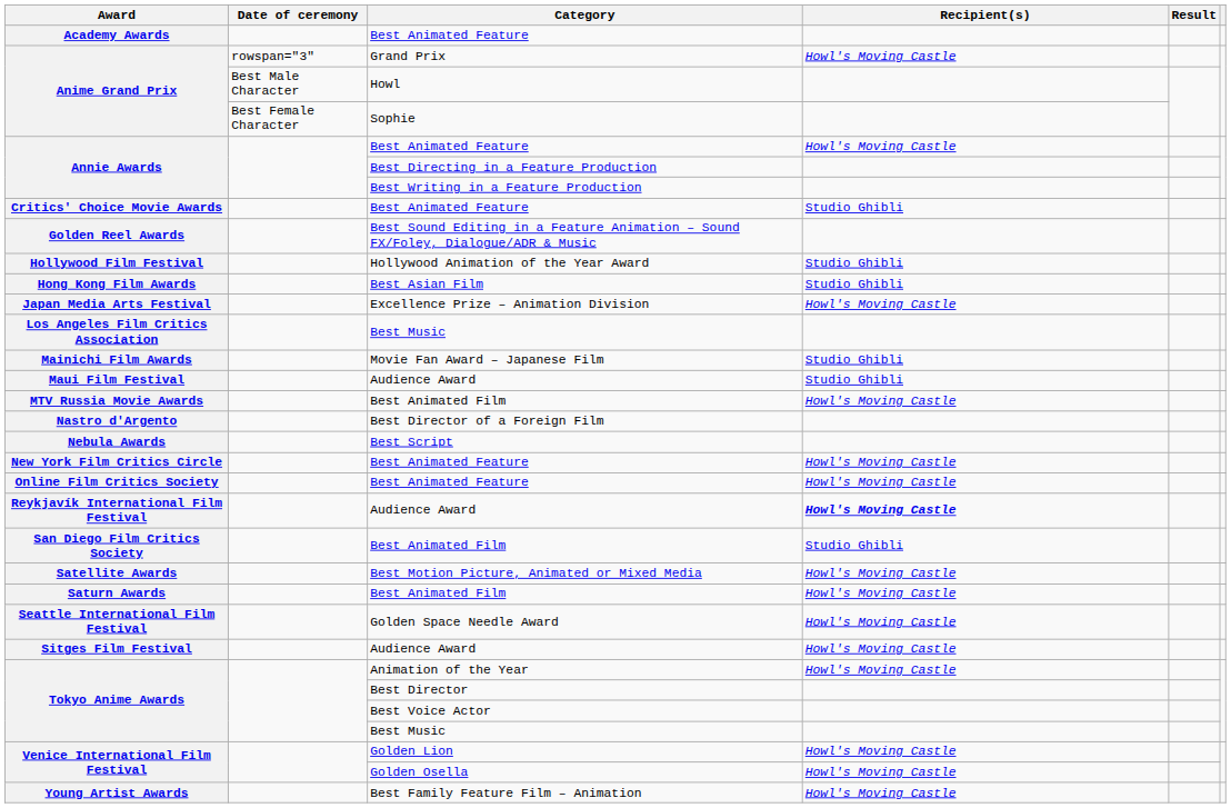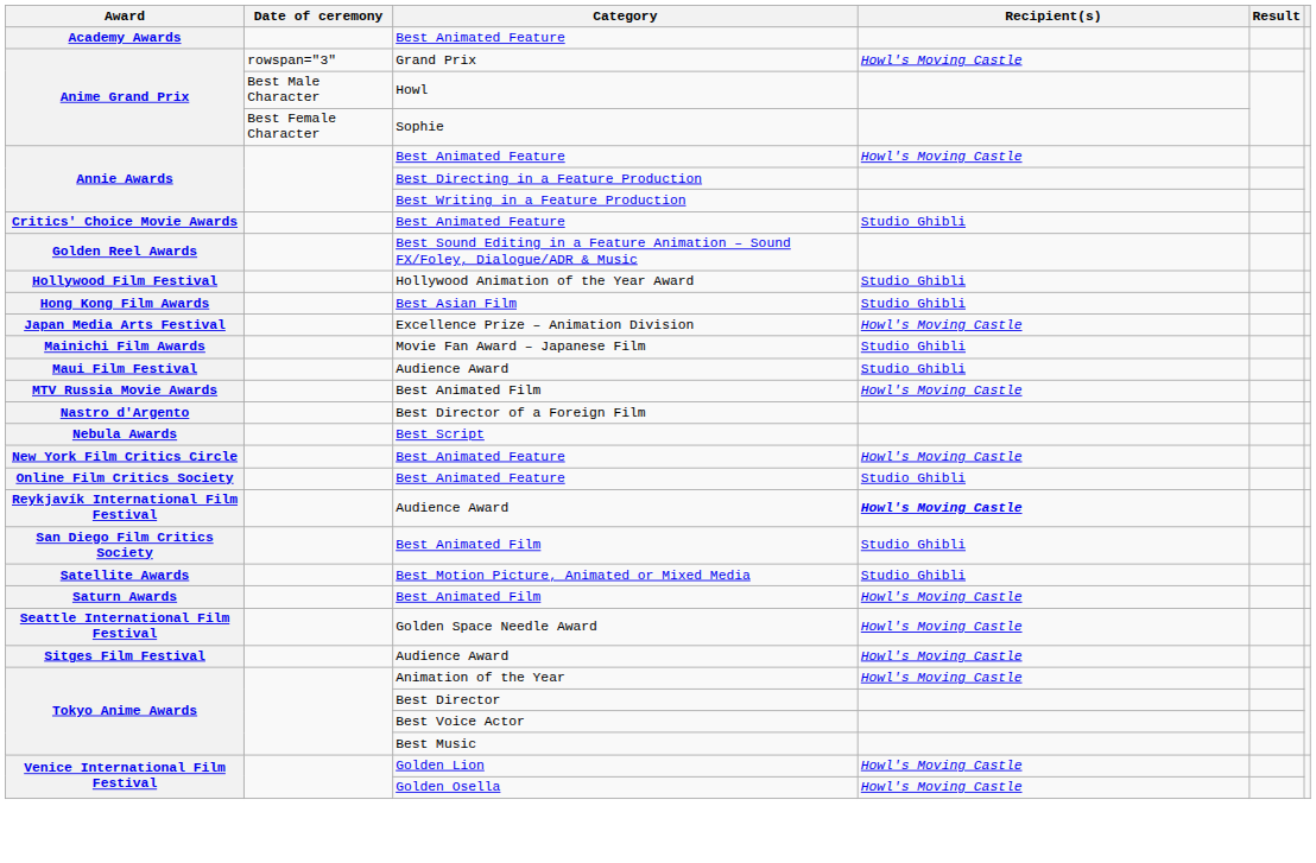 <table class="wikitable plainrowheaders sortable" style="width: 100%;">
 <tr>
 <th scope="col">Award</th>
 <th scope="col">Date of ceremony</th>
 <th scope="col">Category</th>
 <th scope="col" style="width:30%;">Recipient(s)</th>
 <th scope="col">Result</th>
 <th scope="col" class="unsortable"></th>
 </tr>
 <tr>
 <th scope="row"><a href='#'>Academy Awards</a></th>
 <td><a href='#'></a></td>
 <td><a href='#'>Best Animated Feature</a></td>
 <td></td>
 <td></td>
 <td style="text-align:center;"></td>
 </tr>
 <tr>
 <th scope="rowgroup" rowspan="3"><a href='#'>Anime Grand Prix</a></th>
 <td>rowspan="3" </td>
 <td>Grand Prix</td>
 <td><em><a href='#'>Howl's Moving Castle</a></em></td>
 <td></td>
 <td style="text-align:center;" rowspan="3"></td>
 </tr>
 <tr>
 <td>Best Male Character</td>
 <td>Howl</td>
 <td></td>
 </tr>
 <tr>
 <td>Best Female Character</td>
 <td>Sophie</td>
 <td></td>
 </tr>
 <tr>
 <th scope="rowgroup" rowspan="3"><a href='#'>Annie Awards</a></th>
 <td rowspan="3"><a href='#'></a></td>
 <td><a href='#'>Best Animated Feature</a></td>
 <td><em><a href='#'>Howl's Moving Castle</a></em></td>
 <td></td>
 <td style="text-align:center;" rowspan="3"></td>
 </tr>
 <tr>
 <td><a href='#'>Best Directing in a Feature Production</a></td>
 <td></td>
 <td></td>
 </tr>
 <tr>
 <td><a href='#'>Best Writing in a Feature Production</a></td>
 <td></td>
 <td></td>
 </tr>
 <tr>
 <th scope="row"><a href='#'>Critics' Choice Movie Awards</a></th>
 <td><a href='#'></a></td>
 <td><a href='#'>Best Animated Feature</a></td>
 <td><a href='#'>Studio Ghibli</a></td>
 <td></td>
 <td style="text-align:center;"></td>
 </tr>
 <tr>
 <th scope="row"><a href='#'>Golden Reel Awards</a></th>
 <td></td>
 <td><a href='#'>Best Sound Editing in a Feature Animation – Sound FX/Foley, Dialogue/ADR & Music</a></td>
 <td></td>
 <td></td>
 <td style="text-align:center;"></td>
 </tr>
 <tr>
 <th scope="row"><a href='#'>Hollywood Film Festival</a></th>
 <td></td>
 <td>Hollywood Animation of the Year Award</td>
 <td><a href='#'>Studio Ghibli</a></td>
 <td></td>
 <td style="text-align:center;"></td>
 </tr>
 <tr>
 <th scope="row"><a href='#'>Hong Kong Film Awards</a></th>
 <td><a href='#'></a></td>
 <td><a href='#'>Best Asian Film</a></td>
 <td><a href='#'>Studio Ghibli</a></td>
 <td></td>
 <td style="text-align:center;"></td>
 </tr>
 <tr>
 <th scope="row"><a href='#'>Japan Media Arts Festival</a></th>
 <td></td>
 <td>Excellence Prize – Animation Division</td>
 <td><em><a href='#'>Howl's Moving Castle</a></em></td>
 <td></td>
 <td style="text-align:center;"></td>
 </tr>
 <tr>
-<th scope="row"><a href='#'>Los Angeles Film Critics Association</a></th>
-<td><a href='#'></a></td>
-<td><a href='#'>Best Music</a></td>
-<td></td>
-<td></td>
-<td style="text-align:center;"></td>
-</tr>
-<tr>
 <th scope="row"><a href='#'>Mainichi Film Awards</a></th>
 <td></td>
 <td>Movie Fan Award – Japanese Film</td>
 <td><a href='#'>Studio Ghibli</a></td>
 <td></td>
 <td style="text-align:center;"></td>
 </tr>
 <tr>
 <th scope="row"><a href='#'>Maui Film Festival</a></th>
 <td></td>
 <td>Audience Award</td>
 <td><a href='#'>Studio Ghibli</a></td>
 <td></td>
 <td style="text-align:center;"></td>
 </tr>
 <tr>
 <th scope="row"><a href='#'>MTV Russia Movie Awards</a></th>
 <td></td>
 <td>Best Animated Film</td>
 <td><em><a href='#'>Howl's Moving Castle</a></em></td>
 <td></td>
 <td style="text-align:center;"></td>
 </tr>
 <tr>
 <th scope="row"><a href='#'>Nastro d'Argento</a></th>
 <td></td>
 <td>Best Director of a Foreign Film</td>
 <td></td>
 <td></td>
 <td style="text-align:center;"></td>
 </tr>
 <tr>
 <th scope="row"><a href='#'>Nebula Awards</a></th>
 <td></td>
 <td><a href='#'>Best Script</a></td>
 <td></td>
 <td></td>
 <td style="text-align:center;"></td>
 </tr>
 <tr>
 <th scope="row"><a href='#'>New York Film Critics Circle</a></th>
 <td><a href='#'></a></td>
 <td><a href='#'>Best Animated Feature</a></td>
 <td><em><a href='#'>Howl's Moving Castle</a></em></td>
 <td></td>
 <td style="text-align:center;"></td>
 </tr>
 <tr>
 <th scope="row"><a href='#'>Online Film Critics Society</a></th>
 <td><a href='#'></a></td>
 <td><a href='#'>Best Animated Feature</a></td>
-<td><em><a href='#'>Howl's Moving Castle</a></em></td>
+<td><a href='#'>Studio Ghibli</a></td>
 <td></td>
 <td style="text-align:center;"></td>
 </tr>
 <tr>
 <th scope="row"><a href='#'>Reykjavík International Film Festival</a></th>
 <td></td>
 <td>Audience Award</td>
 <td><strong><em><a href='#'>Howl's Moving Castle</a></em></strong></td>
 <td></td>
 <td style="text-align:center;"></td>
 </tr>
 <tr>
 <th scope="row"><a href='#'>San Diego Film Critics Society</a></th>
 <td><a href='#'></a></td>
 <td><a href='#'>Best Animated Film</a></td>
 <td><a href='#'>Studio Ghibli</a></td>
 <td></td>
 <td style="text-align:center;"></td>
 </tr>
 <tr>
 <th scope="row"><a href='#'>Satellite Awards</a></th>
 <td><a href='#'></a></td>
 <td><a href='#'>Best Motion Picture, Animated or Mixed Media</a></td>
-<td><em><a href='#'>Howl's Moving Castle</a></em></td>
+<td><a href='#'>Studio Ghibli</a></td>
 <td></td>
 <td style="text-align:center;"></td>
 </tr>
 <tr>
 <th scope="row"><a href='#'>Saturn Awards</a></th>
 <td><a href='#'></a></td>
 <td><a href='#'>Best Animated Film</a></td>
 <td><em><a href='#'>Howl's Moving Castle</a></em></td>
 <td></td>
 <td style="text-align:center;"></td>
 </tr>
 <tr>
 <th scope="row"><a href='#'>Seattle International Film Festival</a></th>
 <td></td>
 <td>Golden Space Needle Award</td>
 <td><em><a href='#'>Howl's Moving Castle</a></em></td>
 <td></td>
 <td style="text-align:center;"></td>
 </tr>
 <tr>
 <th scope="row"><a href='#'>Sitges Film Festival</a></th>
 <td></td>
 <td>Audience Award</td>
 <td><em><a href='#'>Howl's Moving Castle</a></em></td>
 <td></td>
 <td style="text-align:center;"></td>
 </tr>
 <tr>
 <th scope="rowgroup" rowspan="4"><a href='#'>Tokyo Anime Awards</a></th>
 <td rowspan="4"></td>
 <td>Animation of the Year</td>
 <td><em><a href='#'>Howl's Moving Castle</a></em></td>
 <td></td>
 <td style="text-align:center;" rowspan="4"><br></td>
 </tr>
 <tr>
 <td>Best Director</td>
 <td></td>
 <td></td>
 </tr>
 <tr>
 <td>Best Voice Actor</td>
 <td></td>
 <td></td>
 </tr>
 <tr>
 <td>Best Music</td>
 <td></td>
 <td></td>
 </tr>
 <tr>
 <th scope="rowgroup" rowspan="2"><a href='#'>Venice International Film Festival</a></th>
 <td rowspan="2"><a href='#'></a></td>
 <td><a href='#'>Golden Lion</a></td>
 <td><em><a href='#'>Howl's Moving Castle</a></em></td>
 <td></td>
 <td style="text-align:center;" rowspan="2"><br></td>
 </tr>
 <tr>
 <td><a href='#'>Golden Osella</a></td>
 <td><em><a href='#'>Howl's Moving Castle</a></em></td>
 <td></td>
 </tr>
-<tr>
-<th scope="row"><a href='#'>Young Artist Awards</a></th>
-<td><a href='#'></a></td>
-<td>Best Family Feature Film – Animation</td>
-<td><em><a href='#'>Howl's Moving Castle</a></em></td>
-<td></td>
-<td style="text-align:center;"></td>
-</tr>
 </table>
